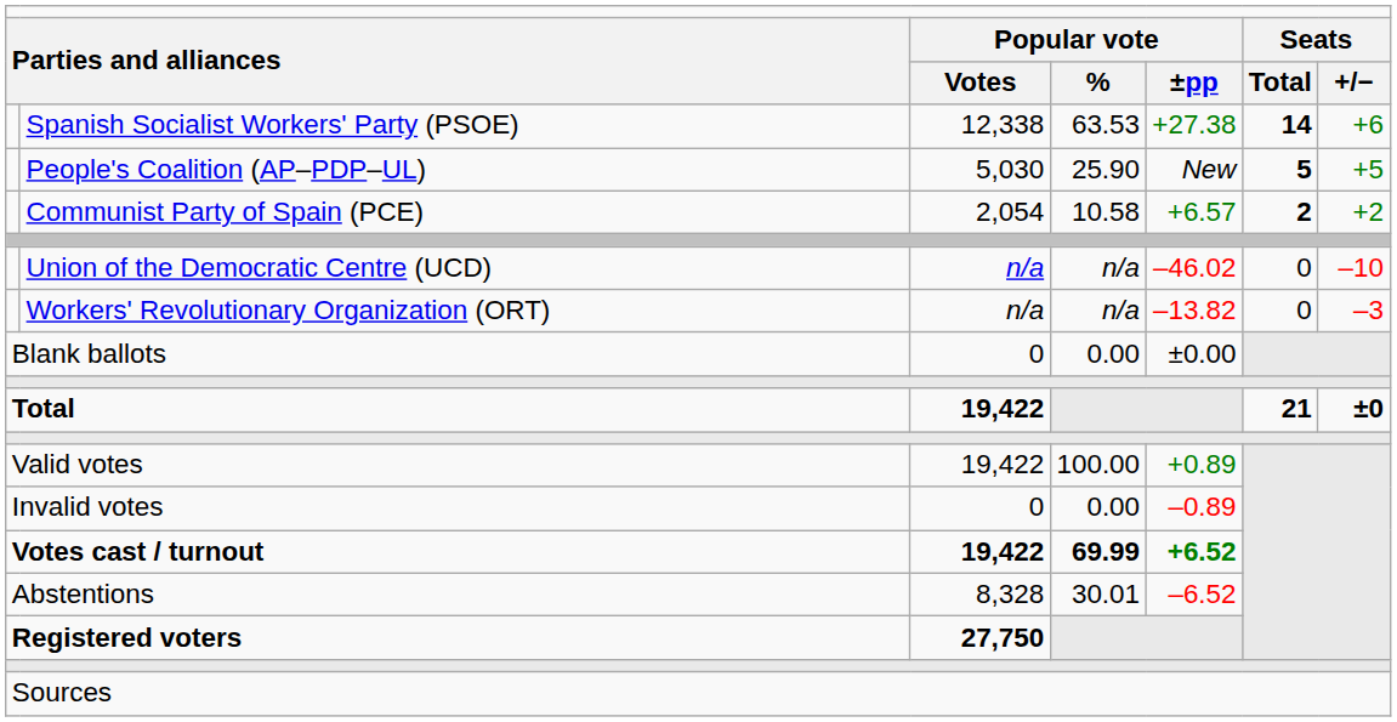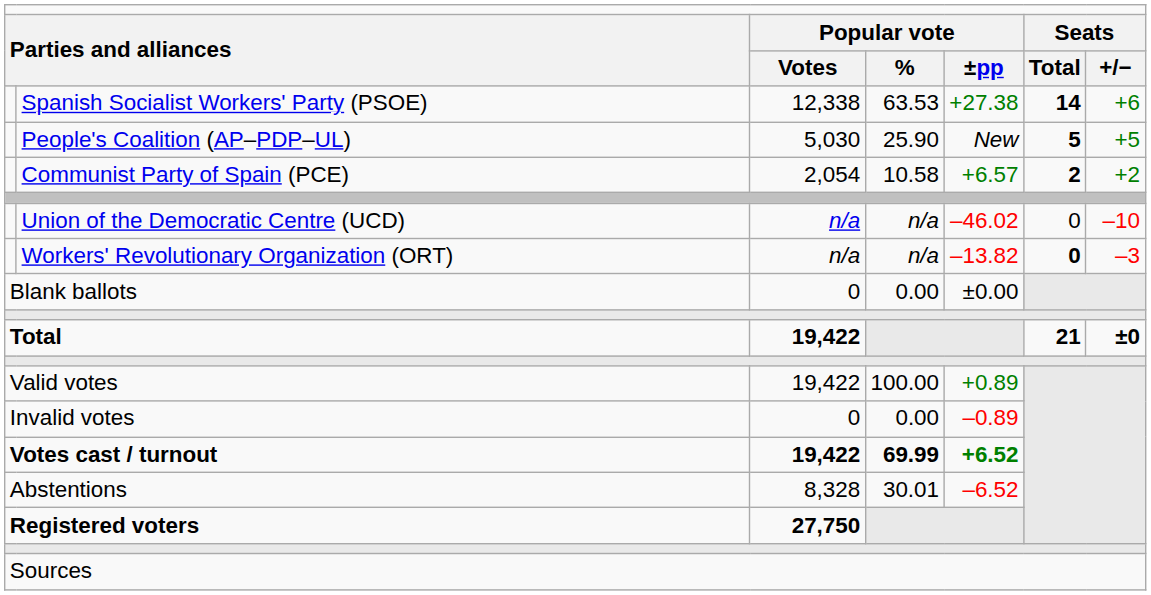 <table class="wikitable" style="text-align:right;">
 <tr>
 <td colspan="7"></td>
 </tr>
 <tr>
 <th style="text-align:left;" rowspan="2" colspan="2" width="525">Parties and alliances</th>
 <th colspan="3">Popular vote</th>
 <th colspan="2">Seats</th>
 </tr>
 <tr>
 <th width="75">Votes</th>
 <th width="45">%</th>
 <th width="45">±<a href='#'>pp</a></th>
 <th width="35">Total</th>
 <th width="35">+/−</th>
 </tr>
 <tr>
 <td width="1" style="color:inherit;background:"></td>
 <td align="left"><a href='#'>Spanish Socialist Workers' Party</a> (PSOE)</td>
 <td>12,338</td>
 <td>63.53</td>
 <td style="color:green;">+27.38</td>
 <td><strong>14</strong></td>
 <td style="color:green;">+6</td>
 </tr>
 <tr>
 <td style="color:inherit;background:"></td>
 <td align="left"><a href='#'>People's Coalition</a> (<a href='#'>AP</a>–<a href='#'>PDP</a>–<a href='#'>UL</a>)</td>
 <td>5,030</td>
 <td>25.90</td>
 <td><em>New</em></td>
 <td><strong>5</strong></td>
 <td style="color:green;">+5</td>
 </tr>
 <tr>
 <td style="color:inherit;background:"></td>
 <td align="left"><a href='#'>Communist Party of Spain</a> (PCE)</td>
 <td>2,054</td>
 <td>10.58</td>
 <td style="color:green;">+6.57</td>
 <td><strong>2</strong></td>
 <td style="color:green;">+2</td>
 </tr>
 <tr>
 <td colspan="7" bgcolor="#C0C0C0"></td>
 </tr>
 <tr>
 <td style="color:inherit;background:"></td>
 <td align="left"><a href='#'>Union of the Democratic Centre</a> (UCD)</td>
 <td><em><a href='#'>n/a</a></em></td>
 <td><em>n/a</em></td>
 <td style="color:red;">–46.02</td>
 <td>0</td>
 <td style="color:red;">–10</td>
 </tr>
 <tr>
 <td style="color:inherit;background:"></td>
 <td align="left"><a href='#'>Workers' Revolutionary Organization</a> (ORT)</td>
 <td><em>n/a</em></td>
 <td><em>n/a</em></td>
 <td style="color:red;">–13.82</td>
-<td>0</td>
+<td><strong>0</strong></td>
 <td style="color:red;">–3</td>
 </tr>
 <tr>
 <td align="left" colspan="2">Blank ballots</td>
 <td>0</td>
 <td>0.00</td>
 <td>±0.00</td>
 <td bgcolor="#E9E9E9" colspan="2"></td>
 </tr>
 <tr>
 <td colspan="7" bgcolor="#E9E9E9"></td>
 </tr>
 <tr style="font-weight:bold;">
 <td align="left" colspan="2">Total</td>
 <td>19,422</td>
 <td bgcolor="#E9E9E9" colspan="2"></td>
 <td>21</td>
 <td>±0</td>
 </tr>
 <tr>
 <td colspan="7" bgcolor="#E9E9E9"></td>
 </tr>
 <tr>
 <td align="left" colspan="2">Valid votes</td>
 <td>19,422</td>
 <td>100.00</td>
 <td style="color:green;">+0.89</td>
 <td bgcolor="#E9E9E9" colspan="2" rowspan="5"></td>
 </tr>
 <tr>
 <td align="left" colspan="2">Invalid votes</td>
 <td>0</td>
 <td>0.00</td>
 <td style="color:red;">–0.89</td>
 </tr>
 <tr style="font-weight:bold;">
 <td align="left" colspan="2">Votes cast / turnout</td>
 <td>19,422</td>
 <td>69.99</td>
 <td style="color:green;">+6.52</td>
 </tr>
 <tr>
 <td align="left" colspan="2">Abstentions</td>
 <td>8,328</td>
 <td>30.01</td>
 <td style="color:red;">–6.52</td>
 </tr>
 <tr style="font-weight:bold;">
 <td align="left" colspan="2">Registered voters</td>
 <td>27,750</td>
 <td bgcolor="#E9E9E9" colspan="2"></td>
 </tr>
 <tr>
 <td colspan="7" bgcolor="#E9E9E9"></td>
 </tr>
 <tr>
 <td align="left" colspan="7">Sources</td>
 </tr>
 </table>
